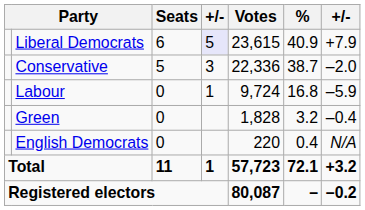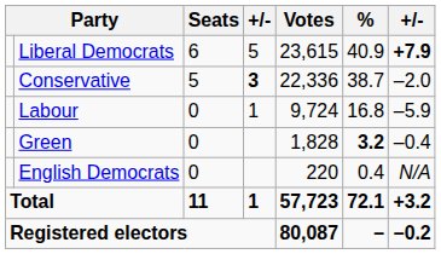 <table class="wikitable sortable">
 <tr>
 <th colspan="2">Party</th>
 <th>Seats</th>
 <th>+/-</th>
 <th>Votes</th>
 <th>%</th>
 <th>+/-</th>
 </tr>
 <tr>
 <td style="background-color: "></td>
 <td><a href='#'>Liberal Democrats</a></td>
 <td>6</td>
-<td style="background: lavender;"> 5</td>
+<td> 5</td>
 <td style="text-align:right;">23,615</td>
 <td style="text-align:right;">40.9</td>
-<td style="text-align:right;">+7.9</td>
+<td style="text-align:right;"><strong>+7.9</strong></td>
 </tr>
 <tr>
 <td style="background-color: "></td>
 <td><a href='#'>Conservative</a></td>
 <td>5</td>
-<td> 3</td>
+<td><strong> 3</strong></td>
 <td style="text-align:right;">22,336</td>
 <td style="text-align:right;">38.7</td>
 <td style="text-align:right;">–2.0</td>
 </tr>
 <tr>
 <td style="background-color: "></td>
 <td><a href='#'>Labour</a></td>
 <td>0</td>
 <td> 1</td>
 <td style="text-align:right;">9,724</td>
 <td style="text-align:right;">16.8</td>
 <td style="text-align:right;">–5.9</td>
 </tr>
 <tr>
 <td style="background-color: "></td>
 <td><a href='#'>Green</a></td>
 <td>0</td>
 <td></td>
 <td style="text-align:right;">1,828</td>
-<td style="text-align:right;">3.2</td>
+<td style="text-align:right;"><strong>3.2</strong></td>
 <td style="text-align:right;">–0.4</td>
 </tr>
 <tr>
 <td style="background-color: "></td>
 <td><a href='#'>English Democrats</a></td>
 <td>0</td>
 <td></td>
 <td style="text-align:right;">220</td>
 <td style="text-align:right;">0.4</td>
 <td style="text-align:right;"><em>N/A</em></td>
 </tr>
 <tr>
 <td colspan="2"><strong>Total</strong></td>
 <td><strong>11</strong></td>
 <td> <strong>1</strong></td>
 <td style="text-align:right;"><strong>57,723</strong></td>
 <td style="text-align:right;"><strong>72.1</strong></td>
 <td style="text-align:right;"><strong>+3.2</strong></td>
 </tr>
 <tr>
 <td colspan="4"><strong>Registered electors</strong></td>
 <td style="text-align:right;"><strong>80,087</strong></td>
 <td style="text-align:right;"><strong>–</strong></td>
 <td style="text-align:right;"><strong>–0.2</strong></td>
 </tr>
 </table>
